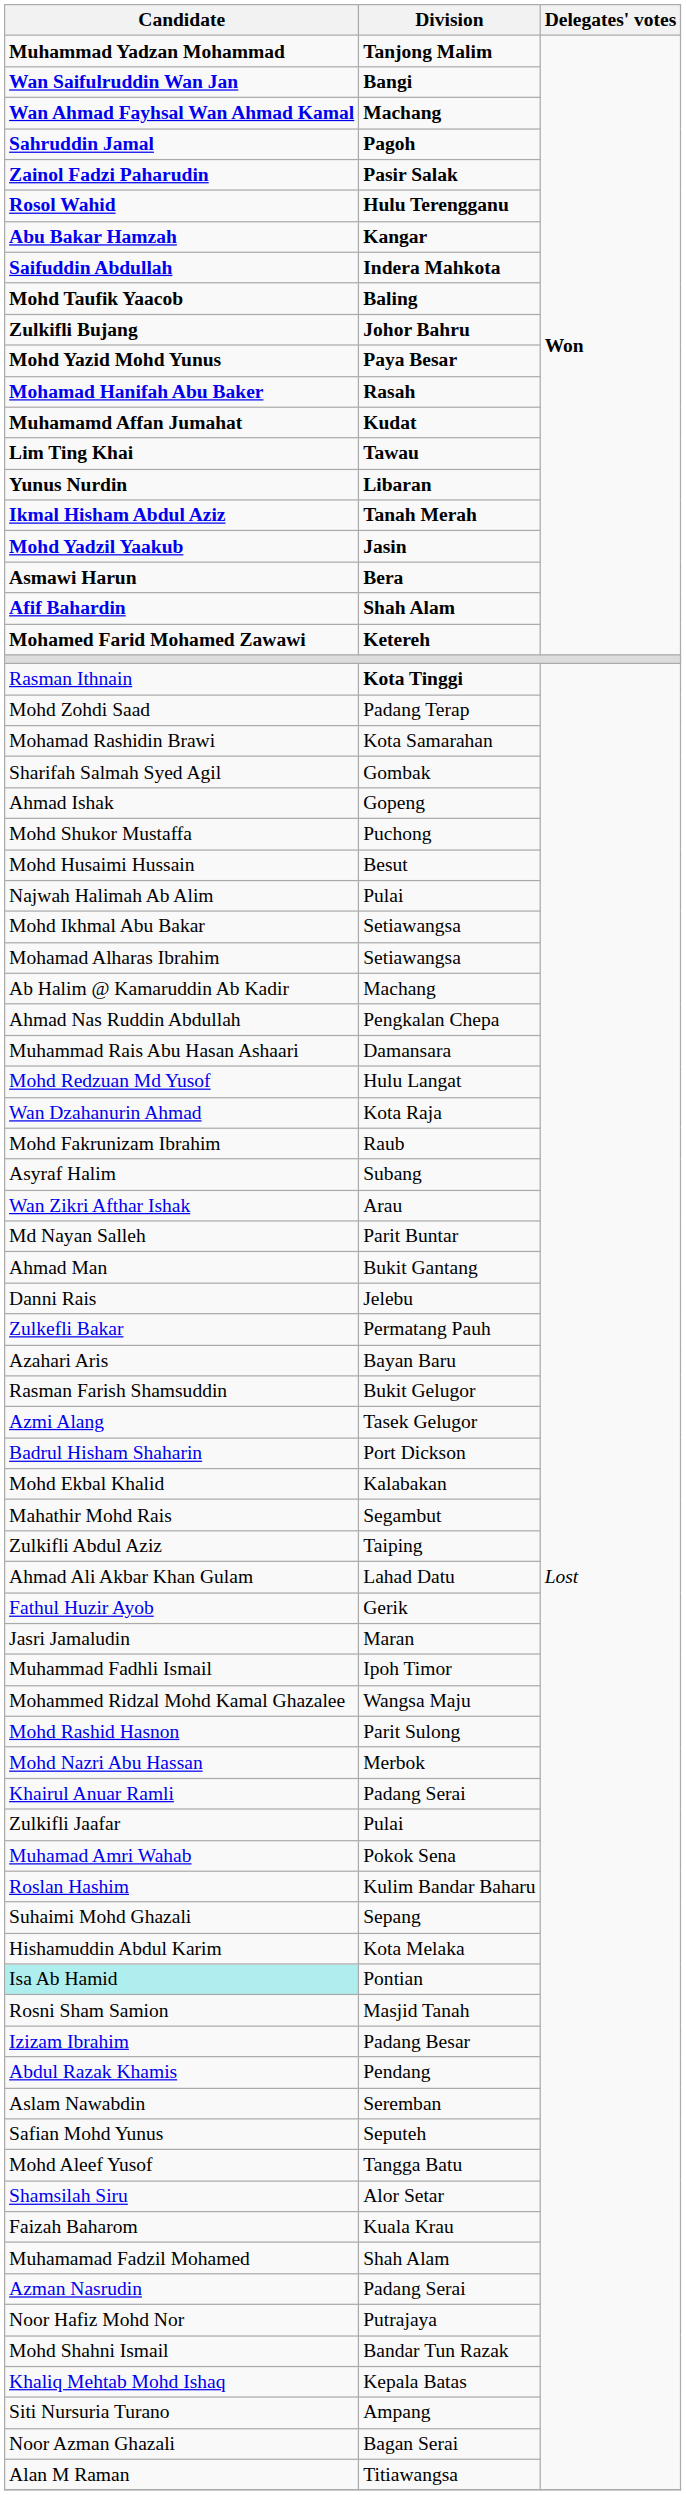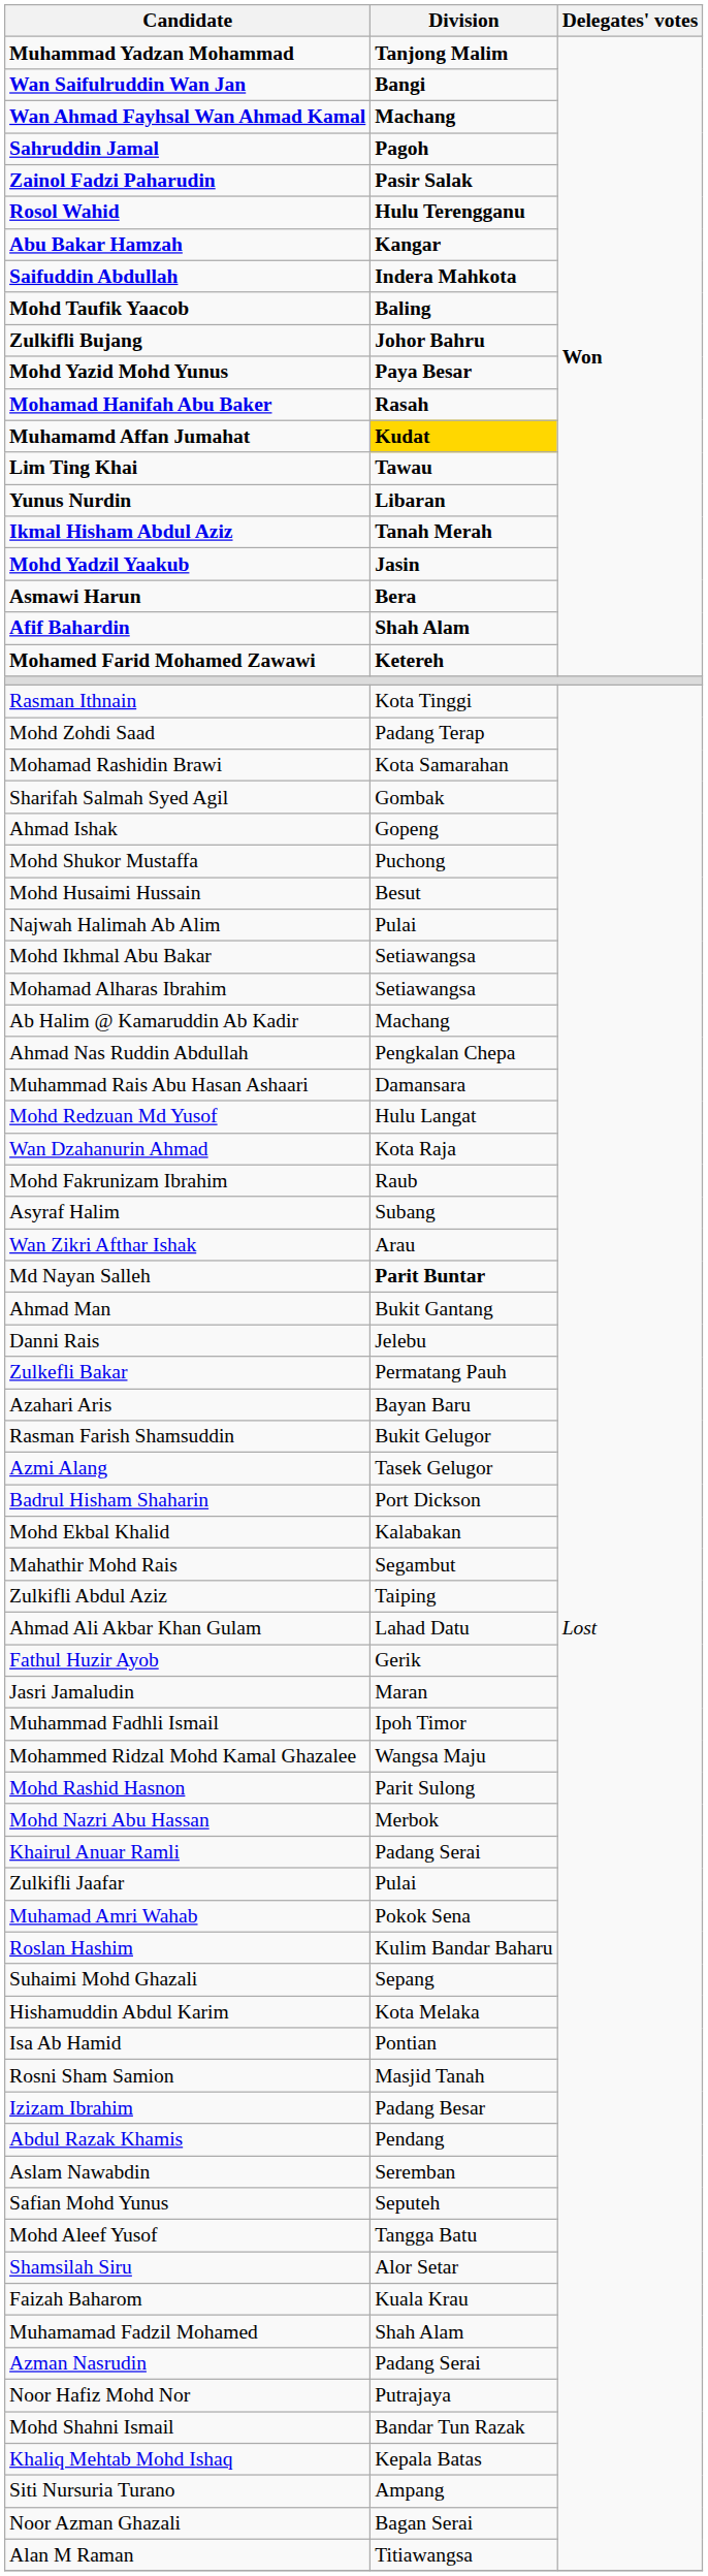 <table class="wikitable">
 <tr>
 <th>Candidate</th>
 <th>Division</th>
 <th>Delegates' votes</th>
 </tr>
 <tr>
 <td><strong>Muhammad Yadzan Mohammad</strong></td>
 <td><strong>Tanjong Malim</strong></td>
 <td rowspan="20"><strong>Won</strong></td>
 </tr>
 <tr>
 <td><strong><a href='#'>Wan Saifulruddin Wan Jan</a></strong></td>
 <td><strong>Bangi</strong></td>
 </tr>
 <tr>
 <td><strong><a href='#'>Wan Ahmad Fayhsal Wan Ahmad Kamal</a></strong></td>
 <td><strong>Machang</strong></td>
 </tr>
 <tr>
 <td><strong><a href='#'>Sahruddin Jamal</a></strong></td>
 <td><strong>Pagoh</strong></td>
 </tr>
 <tr>
 <td><strong><a href='#'>Zainol Fadzi Paharudin</a></strong></td>
 <td><strong>Pasir Salak</strong></td>
 </tr>
 <tr>
 <td><strong><a href='#'>Rosol Wahid</a></strong></td>
 <td><strong>Hulu Terengganu</strong></td>
 </tr>
 <tr>
 <td><strong><a href='#'>Abu Bakar Hamzah</a></strong></td>
 <td><strong>Kangar</strong></td>
 </tr>
 <tr>
 <td><strong><a href='#'>Saifuddin Abdullah</a></strong></td>
 <td><strong>Indera Mahkota</strong></td>
 </tr>
 <tr>
 <td><strong>Mohd Taufik Yaacob</strong></td>
 <td><strong>Baling</strong></td>
 </tr>
 <tr>
 <td><strong>Zulkifli Bujang</strong></td>
 <td><strong>Johor Bahru</strong></td>
 </tr>
 <tr>
 <td><strong>Mohd Yazid Mohd Yunus</strong></td>
 <td><strong>Paya Besar</strong></td>
 </tr>
 <tr>
 <td><strong><a href='#'>Mohamad Hanifah Abu Baker</a></strong></td>
 <td><strong>Rasah</strong></td>
 </tr>
 <tr>
 <td><strong>Muhamamd Affan Jumahat</strong></td>
-<td><strong>Kudat</strong></td>
+<td style="background: gold;"><strong>Kudat</strong></td>
 </tr>
 <tr>
 <td><strong>Lim Ting Khai</strong></td>
 <td><strong>Tawau</strong></td>
 </tr>
 <tr>
 <td><strong>Yunus Nurdin</strong></td>
 <td><strong>Libaran</strong></td>
 </tr>
 <tr>
 <td><strong><a href='#'>Ikmal Hisham Abdul Aziz</a></strong></td>
 <td><strong>Tanah Merah</strong></td>
 </tr>
 <tr>
 <td><strong><a href='#'>Mohd Yadzil Yaakub</a></strong></td>
 <td><strong>Jasin</strong></td>
 </tr>
 <tr>
 <td><strong>Asmawi Harun</strong></td>
 <td><strong>Bera</strong></td>
 </tr>
 <tr>
 <td><strong><a href='#'>Afif Bahardin</a></strong></td>
 <td><strong>Shah Alam</strong></td>
 </tr>
 <tr>
 <td><strong>Mohamed Farid Mohamed Zawawi</strong></td>
 <td><strong>Ketereh</strong></td>
 </tr>
 <tr>
 <td colspan="4" bgcolor="dcdcdc"></td>
 </tr>
 <tr>
 <td><a href='#'>Rasman Ithnain</a></td>
-<td><strong>Kota Tinggi</strong></td>
+<td>Kota Tinggi</td>
 <td rowspan="59"><em>Lost</em></td>
 </tr>
 <tr>
 <td>Mohd Zohdi Saad</td>
 <td>Padang Terap</td>
 </tr>
 <tr>
 <td>Mohamad Rashidin Brawi</td>
 <td>Kota Samarahan</td>
 </tr>
 <tr>
 <td>Sharifah Salmah Syed Agil</td>
 <td>Gombak</td>
 </tr>
 <tr>
 <td>Ahmad Ishak</td>
 <td>Gopeng</td>
 </tr>
 <tr>
 <td>Mohd Shukor Mustaffa</td>
 <td>Puchong</td>
 </tr>
 <tr>
 <td>Mohd Husaimi Hussain</td>
 <td>Besut</td>
 </tr>
 <tr>
 <td>Najwah Halimah Ab Alim</td>
 <td>Pulai</td>
 </tr>
 <tr>
 <td>Mohd Ikhmal Abu Bakar</td>
 <td>Setiawangsa</td>
 </tr>
 <tr>
 <td>Mohamad Alharas Ibrahim</td>
 <td>Setiawangsa</td>
 </tr>
 <tr>
 <td>Ab Halim @ Kamaruddin Ab Kadir</td>
 <td>Machang</td>
 </tr>
 <tr>
 <td>Ahmad Nas Ruddin Abdullah</td>
 <td>Pengkalan Chepa</td>
 </tr>
 <tr>
 <td>Muhammad Rais Abu Hasan Ashaari</td>
 <td>Damansara</td>
 </tr>
 <tr>
 <td><a href='#'>Mohd Redzuan Md Yusof</a></td>
 <td>Hulu Langat</td>
 </tr>
 <tr>
 <td><a href='#'>Wan Dzahanurin Ahmad</a></td>
 <td>Kota Raja</td>
 </tr>
 <tr>
 <td>Mohd Fakrunizam Ibrahim</td>
 <td>Raub</td>
 </tr>
 <tr>
 <td>Asyraf Halim</td>
 <td>Subang</td>
 </tr>
 <tr>
 <td><a href='#'>Wan Zikri Afthar Ishak</a></td>
 <td>Arau</td>
 </tr>
 <tr>
 <td>Md Nayan Salleh</td>
-<td>Parit Buntar</td>
+<td><strong>Parit Buntar</strong></td>
 </tr>
 <tr>
 <td>Ahmad Man</td>
 <td>Bukit Gantang</td>
 </tr>
 <tr>
 <td>Danni Rais</td>
 <td>Jelebu</td>
 </tr>
 <tr>
 <td><a href='#'>Zulkefli Bakar</a></td>
 <td>Permatang Pauh</td>
 </tr>
 <tr>
 <td>Azahari Aris</td>
 <td>Bayan Baru</td>
 </tr>
 <tr>
 <td>Rasman Farish Shamsuddin</td>
 <td>Bukit Gelugor</td>
 </tr>
 <tr>
 <td><a href='#'>Azmi Alang</a></td>
 <td>Tasek Gelugor</td>
 </tr>
 <tr>
 <td><a href='#'>Badrul Hisham Shaharin</a></td>
 <td>Port Dickson</td>
 </tr>
 <tr>
 <td>Mohd Ekbal Khalid</td>
 <td>Kalabakan</td>
 </tr>
 <tr>
 <td>Mahathir Mohd Rais</td>
 <td>Segambut</td>
 </tr>
 <tr>
 <td>Zulkifli Abdul Aziz</td>
 <td>Taiping</td>
 </tr>
 <tr>
 <td>Ahmad Ali Akbar Khan Gulam</td>
 <td>Lahad Datu</td>
 </tr>
 <tr>
 <td><a href='#'>Fathul Huzir Ayob</a></td>
 <td>Gerik</td>
 </tr>
 <tr>
 <td>Jasri Jamaludin</td>
 <td>Maran</td>
 </tr>
 <tr>
 <td>Muhammad Fadhli Ismail</td>
 <td>Ipoh Timor</td>
 </tr>
 <tr>
 <td>Mohammed Ridzal Mohd Kamal Ghazalee</td>
 <td>Wangsa Maju</td>
 </tr>
 <tr>
 <td><a href='#'>Mohd Rashid Hasnon</a></td>
 <td>Parit Sulong</td>
 </tr>
 <tr>
 <td><a href='#'>Mohd Nazri Abu Hassan</a></td>
 <td>Merbok</td>
 </tr>
 <tr>
 <td><a href='#'>Khairul Anuar Ramli</a></td>
 <td>Padang Serai</td>
 </tr>
 <tr>
 <td>Zulkifli Jaafar</td>
 <td>Pulai</td>
 </tr>
 <tr>
 <td><a href='#'>Muhamad Amri Wahab</a></td>
 <td>Pokok Sena</td>
 </tr>
 <tr>
 <td><a href='#'>Roslan Hashim</a></td>
 <td>Kulim Bandar Baharu</td>
 </tr>
 <tr>
 <td>Suhaimi Mohd Ghazali</td>
 <td>Sepang</td>
 </tr>
 <tr>
 <td>Hishamuddin Abdul Karim</td>
 <td>Kota Melaka</td>
 </tr>
 <tr>
-<td style="background: paleturquoise;">Isa Ab Hamid</td>
+<td>Isa Ab Hamid</td>
 <td>Pontian</td>
 </tr>
 <tr>
 <td>Rosni Sham Samion</td>
 <td>Masjid Tanah</td>
 </tr>
 <tr>
 <td><a href='#'>Izizam Ibrahim</a></td>
 <td>Padang Besar</td>
 </tr>
 <tr>
 <td><a href='#'>Abdul Razak Khamis</a></td>
 <td>Pendang</td>
 </tr>
 <tr>
 <td>Aslam Nawabdin</td>
 <td>Seremban</td>
 </tr>
 <tr>
 <td>Safian Mohd Yunus</td>
 <td>Seputeh</td>
 </tr>
 <tr>
 <td>Mohd Aleef Yusof</td>
 <td>Tangga Batu</td>
 </tr>
 <tr>
 <td><a href='#'>Shamsilah Siru</a></td>
 <td>Alor Setar</td>
 </tr>
 <tr>
 <td>Faizah Baharom</td>
 <td>Kuala Krau</td>
 </tr>
 <tr>
 <td>Muhamamad Fadzil Mohamed</td>
 <td>Shah Alam</td>
 </tr>
 <tr>
 <td><a href='#'>Azman Nasrudin</a></td>
 <td>Padang Serai</td>
 </tr>
 <tr>
 <td>Noor Hafiz Mohd Nor</td>
 <td>Putrajaya</td>
 </tr>
 <tr>
 <td>Mohd Shahni Ismail</td>
 <td>Bandar Tun Razak</td>
 </tr>
 <tr>
 <td><a href='#'>Khaliq Mehtab Mohd Ishaq</a></td>
 <td>Kepala Batas</td>
 </tr>
 <tr>
 <td>Siti Nursuria Turano</td>
 <td>Ampang</td>
 </tr>
 <tr>
 <td>Noor Azman Ghazali</td>
 <td>Bagan Serai</td>
 </tr>
 <tr>
 <td>Alan M Raman</td>
 <td>Titiawangsa</td>
 </tr>
 <tr>
 </tr>
 </table>
